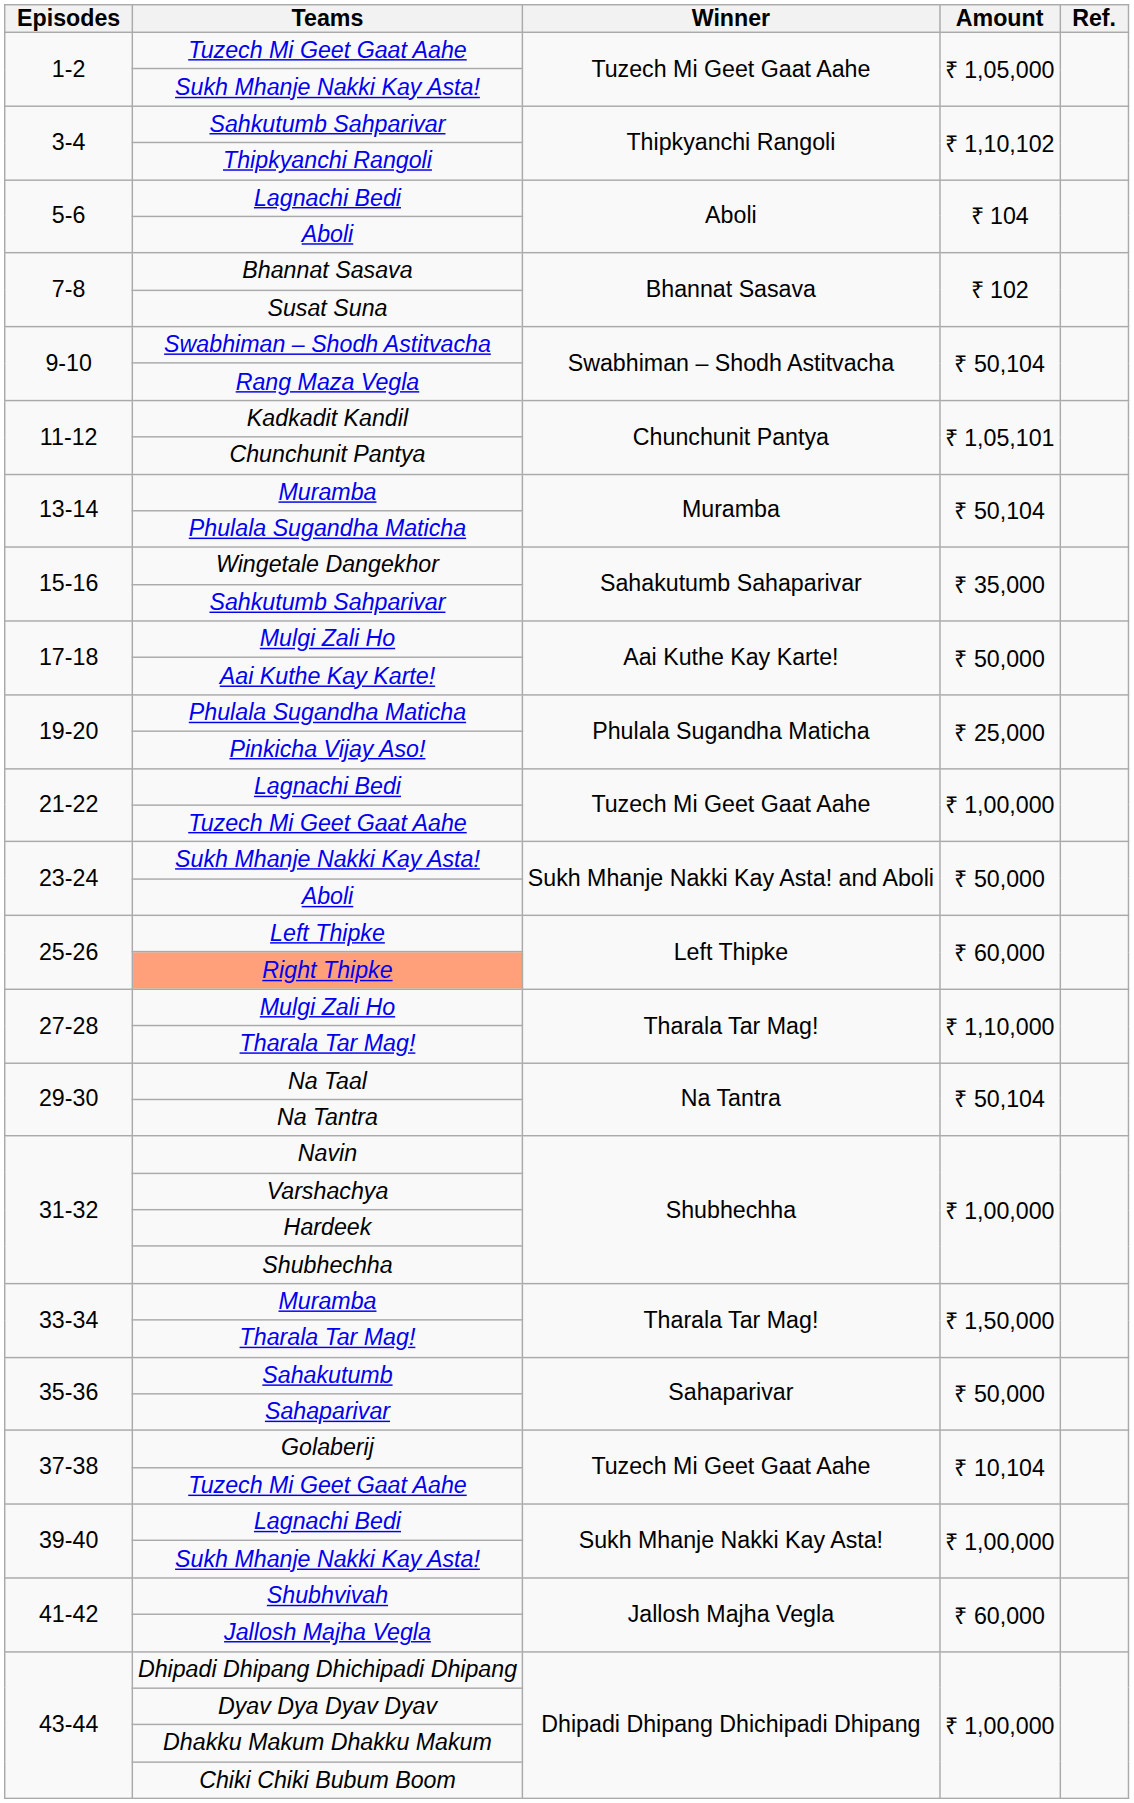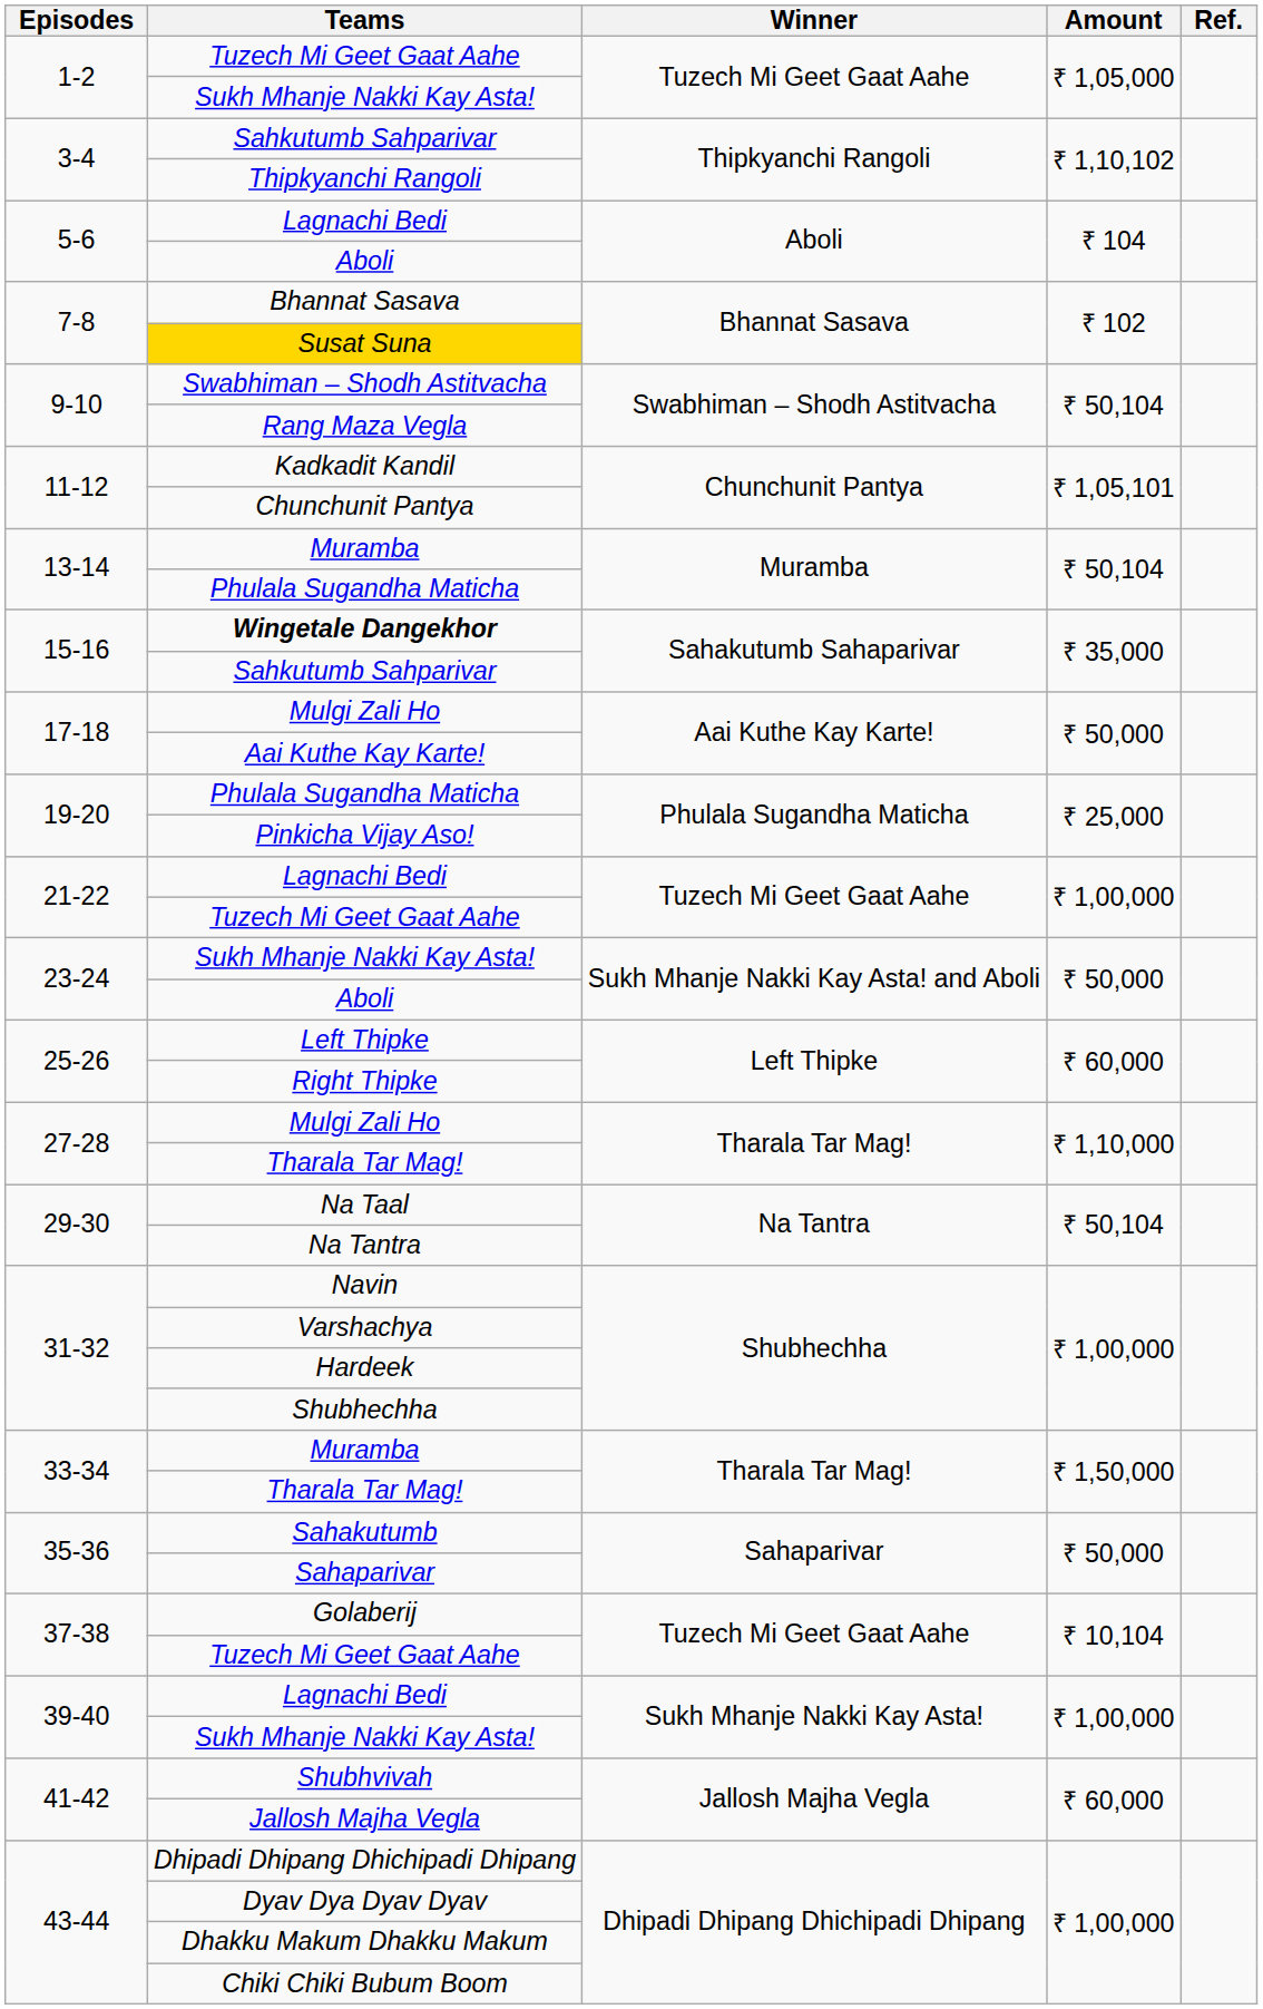 <table class="wikitable sortable" style="text-align:center">
 <tr>
 <th style="padding: 0 8px">Episodes</th>
 <th style="padding: 0 8px">Teams</th>
 <th style="padding: 0 8px">Winner</th>
 <th style="padding: 0 8px">Amount</th>
 <th style="padding: 0 8px">Ref.</th>
 </tr>
 <tr>
 <td rowspan="2">1-2</td>
 <td><em><a href='#'>Tuzech Mi Geet Gaat Aahe</a></em></td>
 <td rowspan="2">Tuzech Mi Geet Gaat Aahe</td>
 <td rowspan="2">₹ 1,05,000</td>
 <td rowspan="2"></td>
 </tr>
 <tr>
 <td><em><a href='#'>Sukh Mhanje Nakki Kay Asta!</a></em></td>
 </tr>
 <tr>
 <td rowspan="2">3-4</td>
 <td><em><a href='#'>Sahkutumb Sahparivar</a></em></td>
 <td rowspan="2">Thipkyanchi Rangoli</td>
 <td rowspan="2">₹ 1,10,102</td>
 <td rowspan="2"></td>
 </tr>
 <tr>
 <td><em><a href='#'>Thipkyanchi Rangoli</a></em></td>
 </tr>
 <tr>
 <td rowspan="2">5-6</td>
 <td><em><a href='#'>Lagnachi Bedi</a></em></td>
 <td rowspan="2">Aboli</td>
 <td rowspan="2">₹ 104</td>
 <td rowspan="2"></td>
 </tr>
 <tr>
 <td><em><a href='#'>Aboli</a></em></td>
 </tr>
 <tr>
 <td rowspan="2">7-8</td>
 <td><em>Bhannat Sasava</em></td>
 <td rowspan="2">Bhannat Sasava</td>
 <td rowspan="2">₹ 102</td>
 <td rowspan="2"></td>
 </tr>
 <tr>
-<td><em>Susat Suna</em></td>
+<td style="background: gold;"><em>Susat Suna</em></td>
 </tr>
 <tr>
 <td rowspan="2">9-10</td>
 <td><em><a href='#'>Swabhiman – Shodh Astitvacha</a></em></td>
 <td rowspan="2">Swabhiman – Shodh Astitvacha</td>
 <td rowspan="2">₹ 50,104</td>
 <td rowspan="2"></td>
 </tr>
 <tr>
 <td><em><a href='#'>Rang Maza Vegla</a></em></td>
 </tr>
 <tr>
 <td rowspan="2">11-12</td>
 <td><em>Kadkadit Kandil</em></td>
 <td rowspan="2">Chunchunit Pantya</td>
 <td rowspan="2">₹ 1,05,101</td>
 <td rowspan="2"></td>
 </tr>
 <tr>
 <td><em>Chunchunit Pantya</em></td>
 </tr>
 <tr>
 <td rowspan="2">13-14</td>
 <td><em><a href='#'>Muramba</a></em></td>
 <td rowspan="2">Muramba</td>
 <td rowspan="2">₹ 50,104</td>
 <td rowspan="2"></td>
 </tr>
 <tr>
 <td><em><a href='#'>Phulala Sugandha Maticha</a></em></td>
 </tr>
 <tr>
 <td rowspan="2">15-16</td>
-<td><em>Wingetale Dangekhor</em></td>
+<td><strong><em>Wingetale Dangekhor</em></strong></td>
 <td rowspan="2">Sahakutumb Sahaparivar</td>
 <td rowspan="2">₹ 35,000</td>
 <td rowspan="2"></td>
 </tr>
 <tr>
 <td><em><a href='#'>Sahkutumb Sahparivar</a></em></td>
 </tr>
 <tr>
 <td rowspan="2">17-18</td>
 <td><em><a href='#'>Mulgi Zali Ho</a></em></td>
 <td rowspan="2">Aai Kuthe Kay Karte!</td>
 <td rowspan="2">₹ 50,000</td>
 <td rowspan="2"></td>
 </tr>
 <tr>
 <td><em><a href='#'>Aai Kuthe Kay Karte!</a></em></td>
 </tr>
 <tr>
 <td rowspan="2">19-20</td>
 <td><em><a href='#'>Phulala Sugandha Maticha</a></em></td>
 <td rowspan="2">Phulala Sugandha Maticha</td>
 <td rowspan="2">₹ 25,000</td>
 <td rowspan="2"></td>
 </tr>
 <tr>
 <td><em><a href='#'>Pinkicha Vijay Aso!</a></em></td>
 </tr>
 <tr>
 <td rowspan="2">21-22</td>
 <td><em><a href='#'>Lagnachi Bedi</a></em></td>
 <td rowspan="2">Tuzech Mi Geet Gaat Aahe</td>
 <td rowspan="2">₹ 1,00,000</td>
 <td rowspan="2"></td>
 </tr>
 <tr>
 <td><em><a href='#'>Tuzech Mi Geet Gaat Aahe</a></em></td>
 </tr>
 <tr>
 <td rowspan="2">23-24</td>
 <td><em><a href='#'>Sukh Mhanje Nakki Kay Asta!</a></em></td>
 <td rowspan="2">Sukh Mhanje Nakki Kay Asta! and Aboli</td>
 <td rowspan="2">₹ 50,000</td>
 <td rowspan="2"></td>
 </tr>
 <tr>
 <td><em><a href='#'>Aboli</a></em></td>
 </tr>
 <tr>
 <td rowspan="2">25-26</td>
 <td><em><a href='#'>Left Thipke</a></em></td>
 <td rowspan="2">Left Thipke</td>
 <td rowspan="2">₹ 60,000</td>
 <td rowspan="2"></td>
 </tr>
 <tr>
-<td style="background: lightsalmon;"><em><a href='#'>Right Thipke</a></em></td>
+<td><em><a href='#'>Right Thipke</a></em></td>
 </tr>
 <tr>
 <td rowspan="2">27-28</td>
 <td><em><a href='#'>Mulgi Zali Ho</a></em></td>
 <td rowspan="2">Tharala Tar Mag!</td>
 <td rowspan="2">₹ 1,10,000</td>
 <td rowspan="2"></td>
 </tr>
 <tr>
 <td><em><a href='#'>Tharala Tar Mag!</a></em></td>
 </tr>
 <tr>
 <td rowspan="2">29-30</td>
 <td><em>Na Taal</em></td>
 <td rowspan="2">Na Tantra</td>
 <td rowspan="2">₹ 50,104</td>
 <td rowspan="2"></td>
 </tr>
 <tr>
 <td><em>Na Tantra</em></td>
 </tr>
 <tr>
 <td rowspan="4">31-32</td>
 <td><em>Navin</em></td>
 <td rowspan="4">Shubhechha</td>
 <td rowspan="4">₹ 1,00,000</td>
 <td rowspan="4"></td>
 </tr>
 <tr>
 <td><em>Varshachya</em></td>
 </tr>
 <tr>
 <td><em>Hardeek</em></td>
 </tr>
 <tr>
 <td><em>Shubhechha</em></td>
 </tr>
 <tr>
 <td rowspan="2">33-34</td>
 <td><em><a href='#'>Muramba</a></em></td>
 <td rowspan="2">Tharala Tar Mag!</td>
 <td rowspan="2">₹ 1,50,000</td>
 <td rowspan="2"></td>
 </tr>
 <tr>
 <td><em><a href='#'>Tharala Tar Mag!</a></em></td>
 </tr>
 <tr>
 <td rowspan="2">35-36</td>
 <td><em><a href='#'>Sahakutumb</a></em></td>
 <td rowspan="2">Sahaparivar</td>
 <td rowspan="2">₹ 50,000</td>
 <td rowspan="2"></td>
 </tr>
 <tr>
 <td><em><a href='#'>Sahaparivar</a></em></td>
 </tr>
 <tr>
 <td rowspan="2">37-38</td>
 <td><em>Golaberij</em></td>
 <td rowspan="2">Tuzech Mi Geet Gaat Aahe</td>
 <td rowspan="2">₹ 10,104</td>
 <td rowspan="2"></td>
 </tr>
 <tr>
 <td><em><a href='#'>Tuzech Mi Geet Gaat Aahe</a></em></td>
 </tr>
 <tr>
 <td rowspan="2">39-40</td>
 <td><em><a href='#'>Lagnachi Bedi</a></em></td>
 <td rowspan="2">Sukh Mhanje Nakki Kay Asta!</td>
 <td rowspan="2">₹ 1,00,000</td>
 <td rowspan="2"></td>
 </tr>
 <tr>
 <td><em><a href='#'>Sukh Mhanje Nakki Kay Asta!</a></em></td>
 </tr>
 <tr>
 <td rowspan="2">41-42</td>
 <td><em><a href='#'>Shubhvivah</a></em></td>
 <td rowspan="2">Jallosh Majha Vegla</td>
 <td rowspan="2">₹ 60,000</td>
 <td rowspan="2"></td>
 </tr>
 <tr>
 <td><em><a href='#'>Jallosh Majha Vegla</a></em></td>
 </tr>
 <tr>
 <td rowspan="4">43-44</td>
 <td><em>Dhipadi Dhipang Dhichipadi Dhipang</em></td>
 <td rowspan="4">Dhipadi Dhipang Dhichipadi Dhipang</td>
 <td rowspan="4">₹ 1,00,000</td>
 <td rowspan="4"></td>
 </tr>
 <tr>
 <td><em>Dyav Dya Dyav Dyav</em></td>
 </tr>
 <tr>
 <td><em>Dhakku Makum Dhakku Makum</em></td>
 </tr>
 <tr>
 <td><em>Chiki Chiki Bubum Boom</em></td>
 </tr>
 </table>
